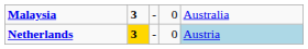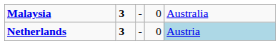 <table class="wikitable">
 <tr>
 <td width=150> <strong><a href='#'>Malaysia</a></strong></td>
 <td style="width:20px; text-align:left;"><strong>3</strong></td>
 <td>-</td>
 <td style="width:20px; text-align:right;">0</td>
 <td width=150> <a href='#'>Australia</a></td>
 </tr>
 <tr>
 <td> <strong><a href='#'>Netherlands</a></strong></td>
-<td style="background: gold; text-align:left;"><strong>3</strong></td>
+<td style="text-align:left;"><strong>3</strong></td>
 <td>-</td>
 <td style="text-align:right;">0</td>
 <td style="background: lightblue;"> <a href='#'>Austria</a></td>
 </tr>
 </table>
